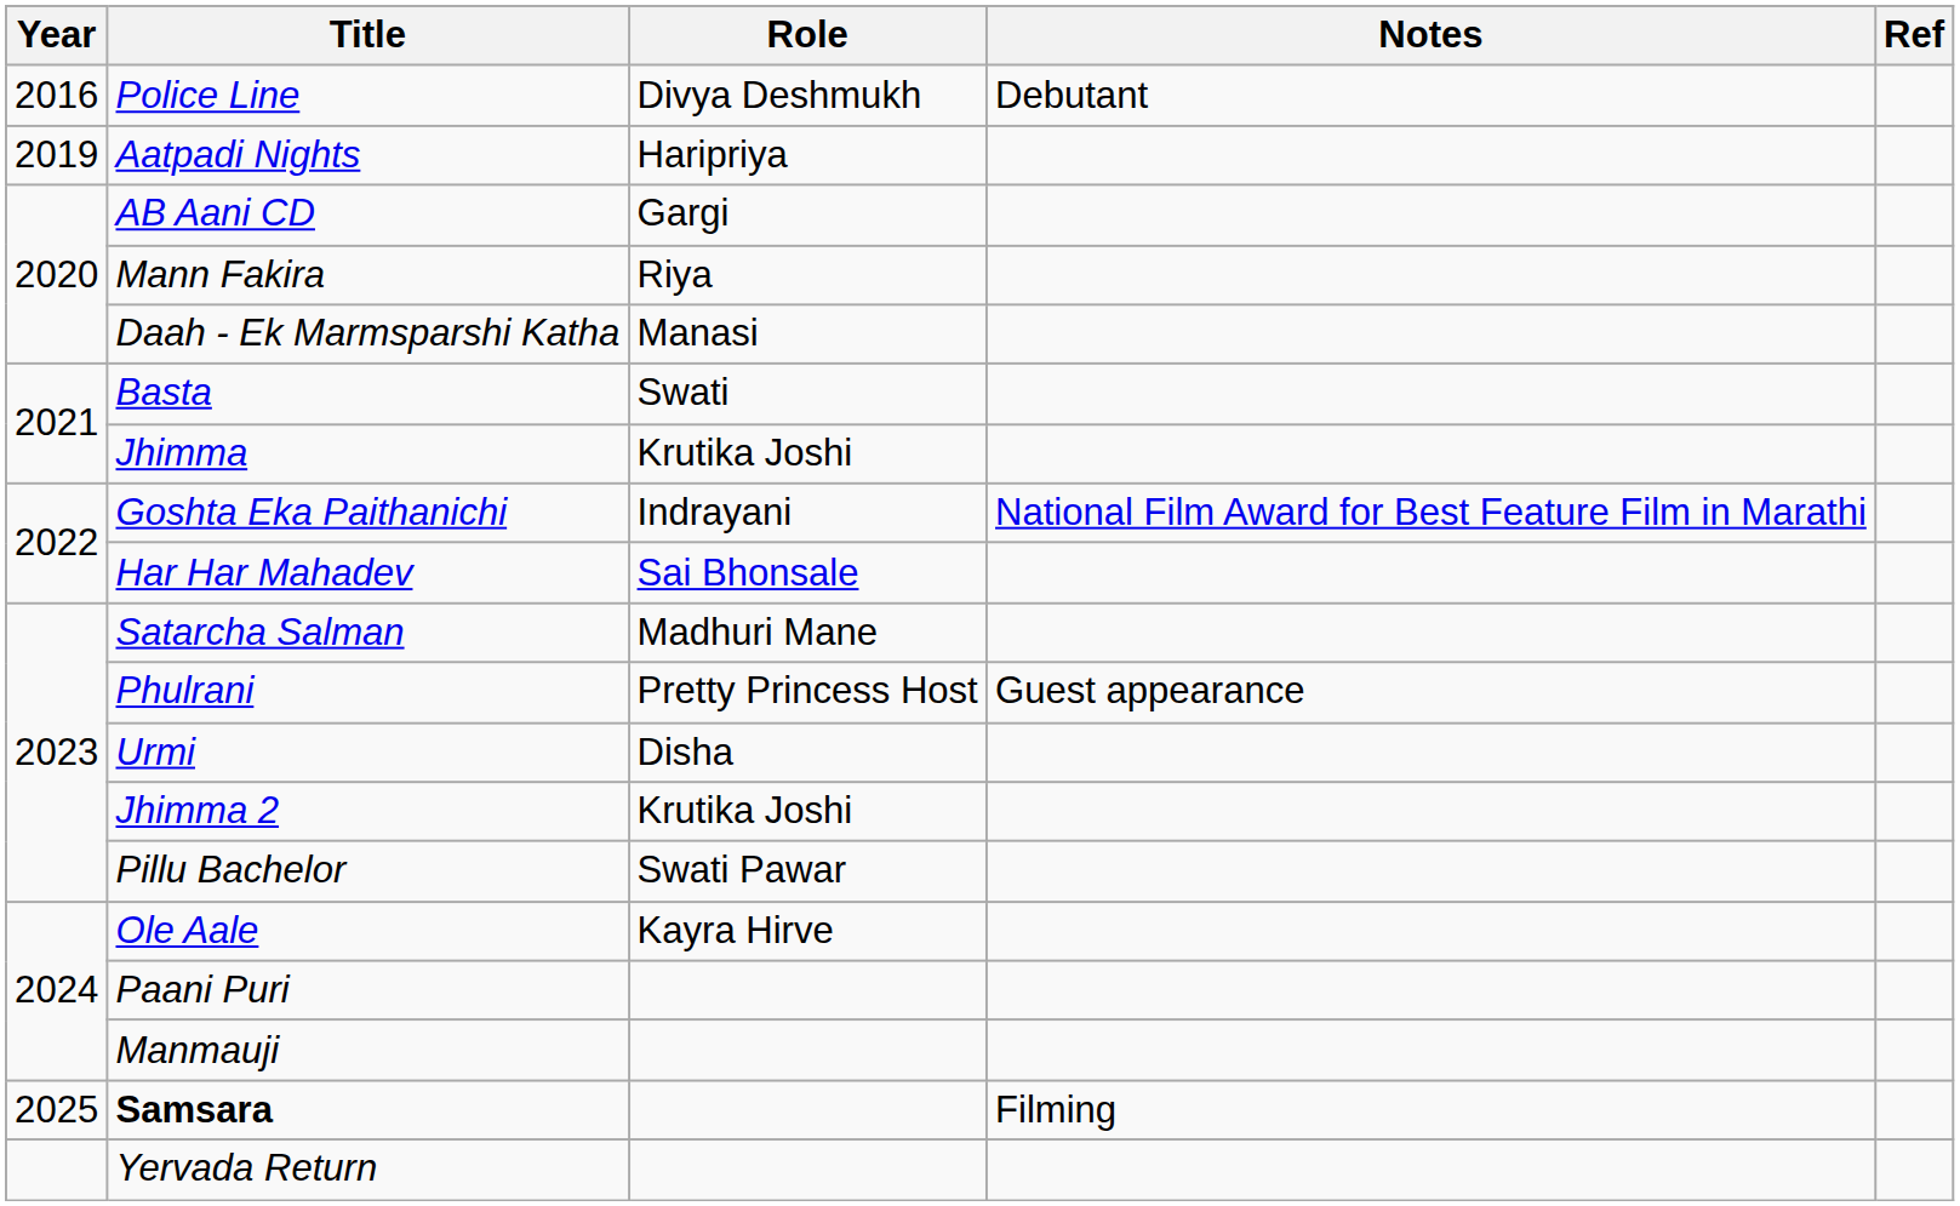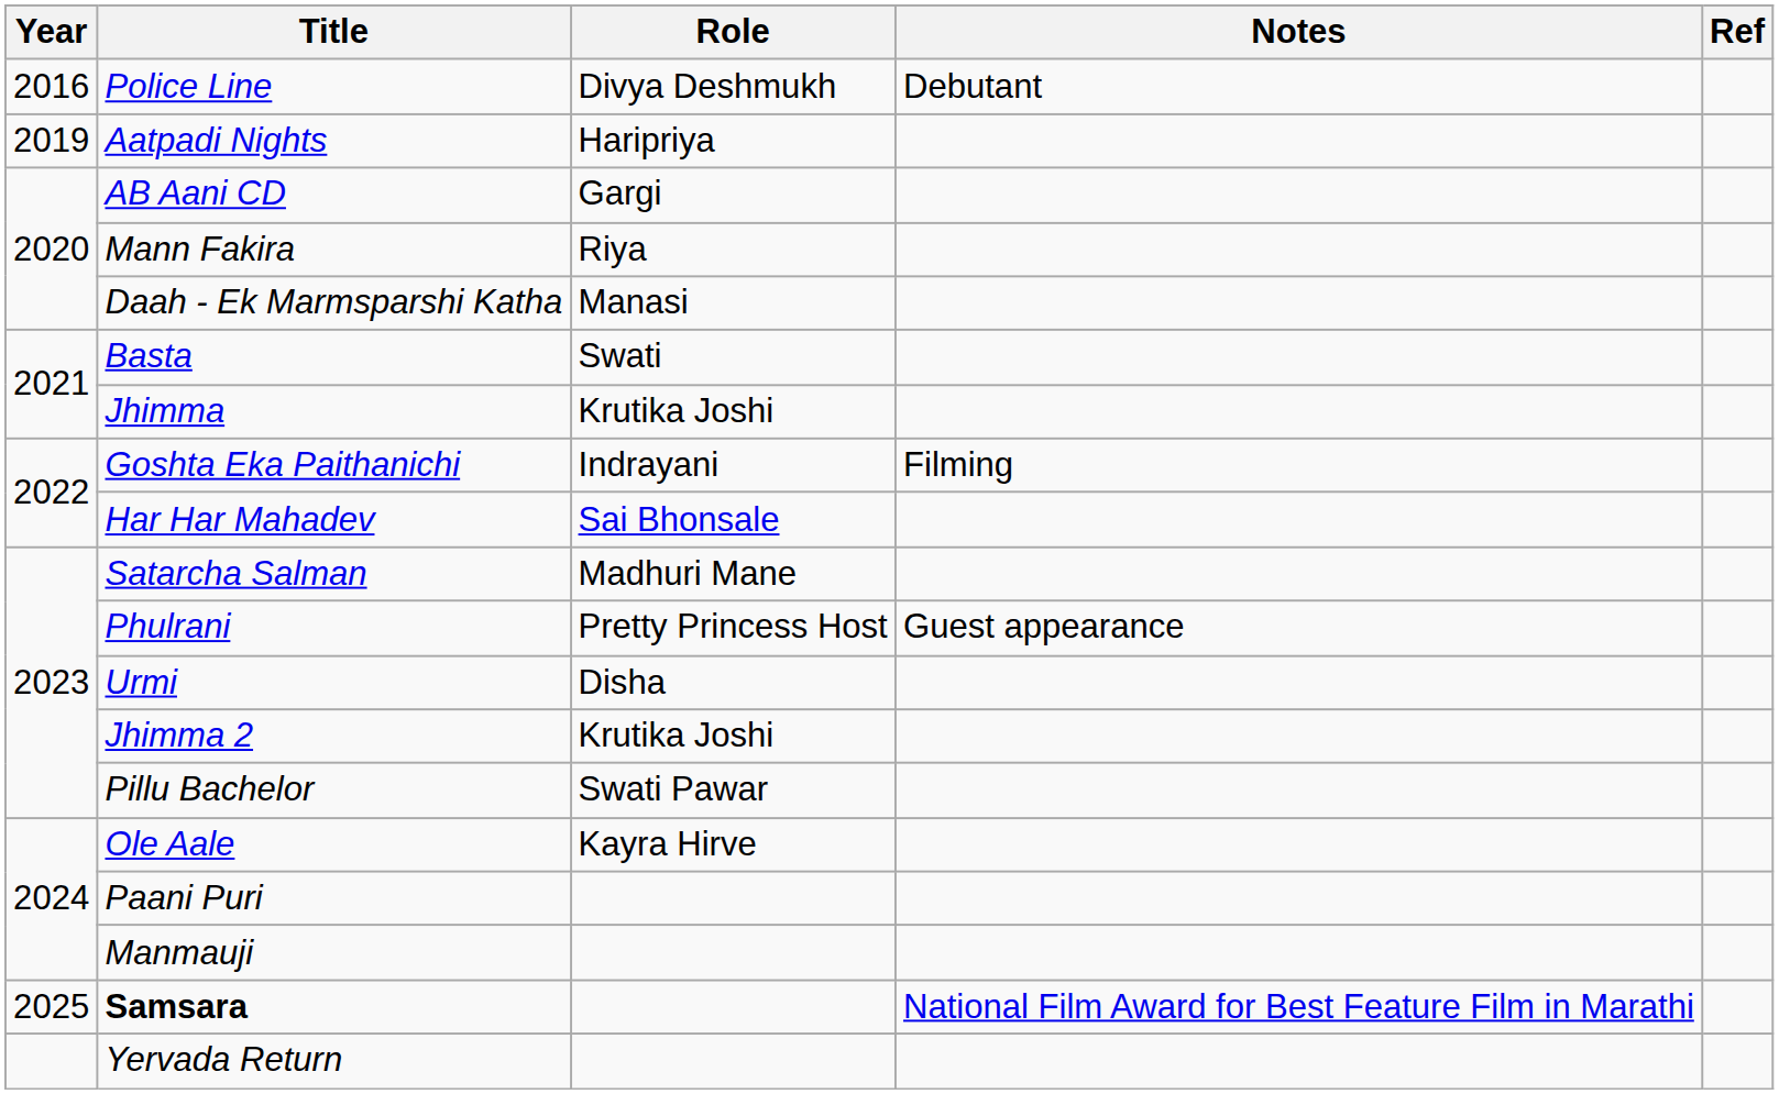 <table class="wikitable sortable">
 <tr>
 <th>Year</th>
 <th>Title</th>
 <th>Role</th>
 <th>Notes</th>
 <th>Ref</th>
 </tr>
 <tr>
 <td>2016</td>
 <td><em><a href='#'>Police Line</a></em></td>
 <td>Divya Deshmukh</td>
 <td>Debutant</td>
 <td></td>
 </tr>
 <tr>
 <td>2019</td>
 <td><em><a href='#'>Aatpadi Nights</a></em></td>
 <td>Haripriya</td>
 <td></td>
 <td></td>
 </tr>
 <tr>
 <td rowspan="3">2020</td>
 <td><em><a href='#'>AB Aani CD</a></em></td>
 <td>Gargi</td>
 <td></td>
 <td></td>
 </tr>
 <tr>
 <td><em>Mann Fakira</em></td>
 <td>Riya</td>
 <td></td>
 <td></td>
 </tr>
 <tr>
 <td><em>Daah - Ek Marmsparshi Katha</em></td>
 <td>Manasi</td>
 <td></td>
 <td></td>
 </tr>
 <tr>
 <td rowspan="2">2021</td>
 <td><em><a href='#'>Basta</a></em></td>
 <td>Swati</td>
 <td></td>
 <td></td>
 </tr>
 <tr>
 <td><em><a href='#'>Jhimma</a></em></td>
 <td>Krutika Joshi</td>
 <td></td>
 <td></td>
 </tr>
 <tr>
 <td rowspan="2">2022</td>
 <td><em><a href='#'>Goshta Eka Paithanichi</a></em></td>
 <td>Indrayani</td>
-<td><a href='#'>National Film Award for Best Feature Film in Marathi</a></td>
+<td>Filming</td>
 <td></td>
 </tr>
 <tr>
 <td><em><a href='#'>Har Har Mahadev</a></em></td>
 <td><a href='#'>Sai Bhonsale</a></td>
 <td></td>
 <td></td>
 </tr>
 <tr>
 <td rowspan="5">2023</td>
 <td><em><a href='#'>Satarcha Salman</a></em></td>
 <td>Madhuri Mane</td>
 <td></td>
 <td></td>
 </tr>
 <tr>
 <td><em><a href='#'>Phulrani</a></em></td>
 <td>Pretty Princess Host</td>
 <td>Guest appearance</td>
 <td></td>
 </tr>
 <tr>
 <td><em><a href='#'>Urmi</a></em></td>
 <td>Disha</td>
 <td></td>
 <td></td>
 </tr>
 <tr>
 <td><em><a href='#'>Jhimma 2</a></em></td>
 <td>Krutika Joshi</td>
 <td></td>
 <td></td>
 </tr>
 <tr>
 <td><em>Pillu Bachelor</em></td>
 <td>Swati Pawar</td>
 <td></td>
 <td></td>
 </tr>
 <tr>
 <td Rowspan="3">2024</td>
 <td><em><a href='#'>Ole Aale</a></em></td>
 <td>Kayra Hirve</td>
 <td></td>
 <td></td>
 </tr>
 <tr>
 <td><em>Paani Puri</em></td>
 <td></td>
 <td></td>
 <td></td>
 </tr>
 <tr>
 <td><em>Manmauji</em></td>
 <td></td>
 <td></td>
 <td></td>
 </tr>
 <tr>
 <td>2025</td>
 <td><strong>Samsara</strong></td>
 <td></td>
-<td>Filming</td>
+<td><a href='#'>National Film Award for Best Feature Film in Marathi</a></td>
 <td></td>
 </tr>
 <tr>
 <td></td>
 <td {{><em>Yervada Return</em></td>
 <td></td>
 <td></td>
 <td></td>
 </tr>
 </table>
